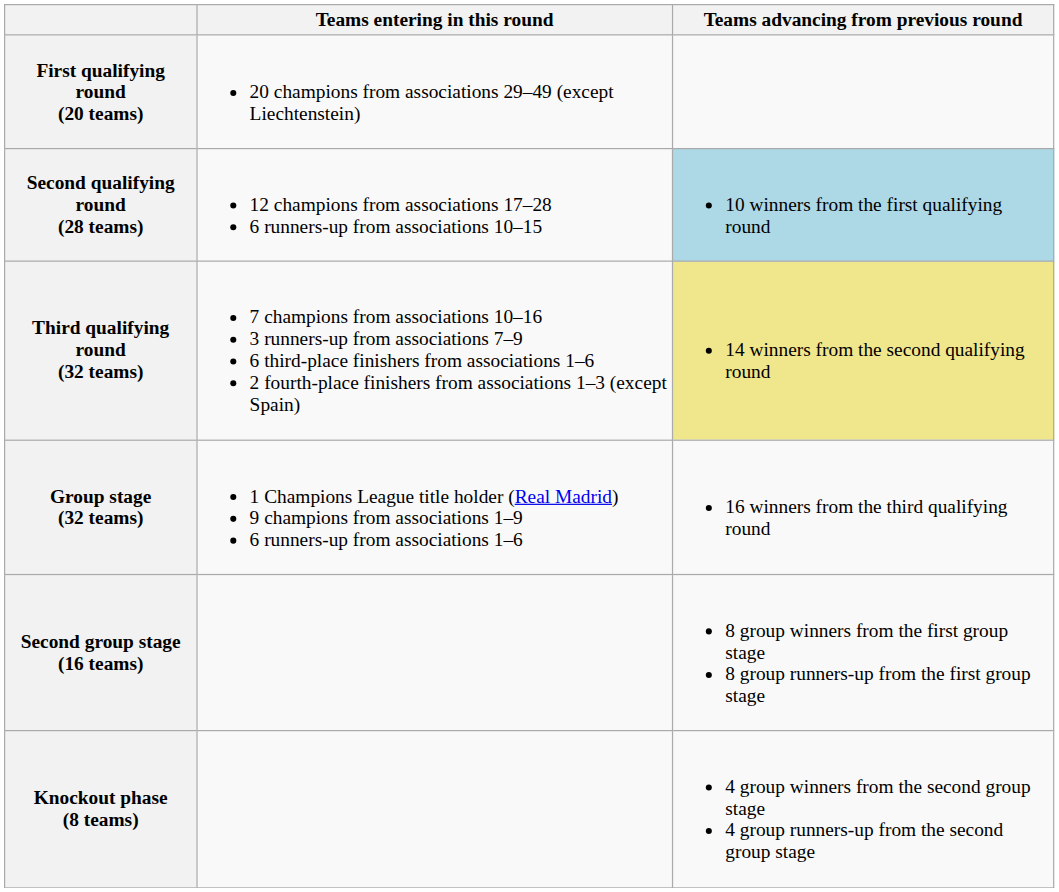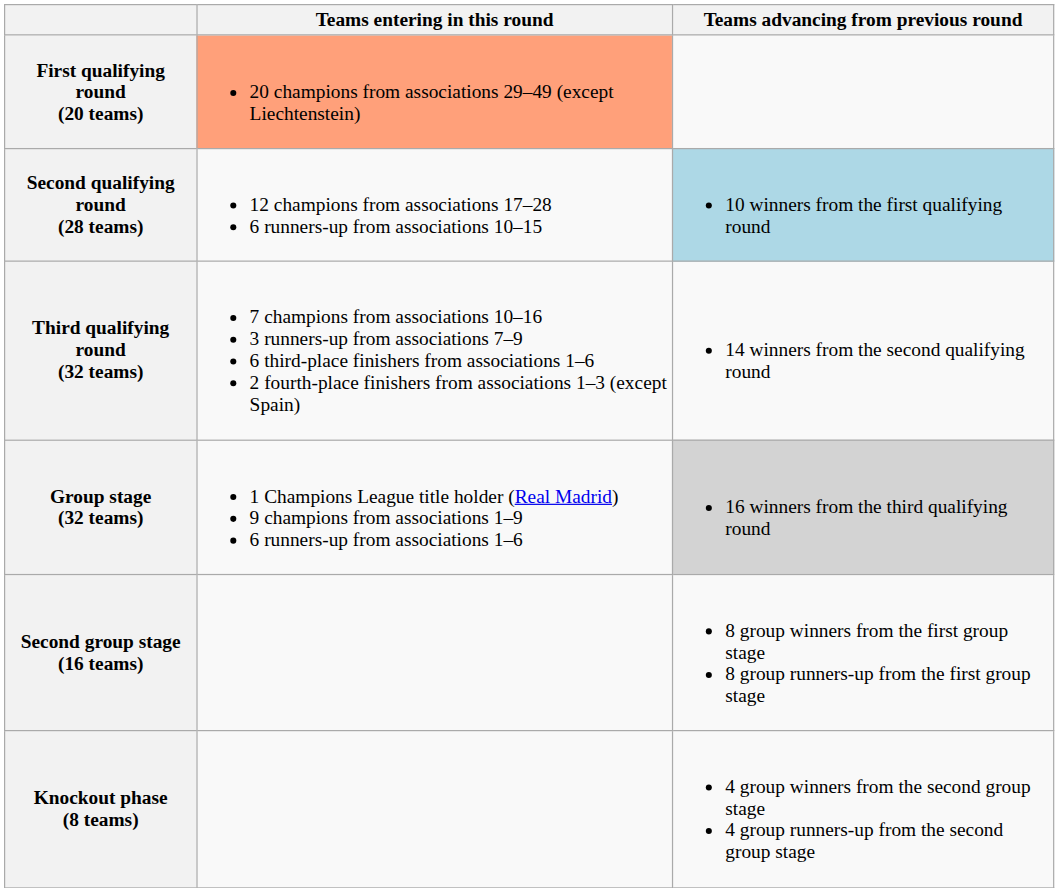 <table class="wikitable">
 <tr>
 <th colspan=2></th>
 <th>Teams entering in this round</th>
 <th>Teams advancing from previous round</th>
 </tr>
 <tr>
 <th colspan=2>First qualifying round<br>(20 teams)</th>
-<td><br><ul><li>20 champions from associations 29–49 (except Liechtenstein)</li></ul></td>
+<td style="background: lightsalmon;"><br><ul><li>20 champions from associations 29–49 (except Liechtenstein)</li></ul></td>
 <td></td>
 </tr>
 <tr>
 <th colspan=2>Second qualifying round<br>(28 teams)</th>
 <td><br><ul><li>12 champions from associations 17–28</li><li>6 runners-up from associations 10–15</li></ul></td>
 <td style="background: lightblue;"><br><ul><li>10 winners from the first qualifying round</li></ul></td>
 </tr>
 <tr>
 <th colspan=2>Third qualifying round<br>(32 teams)</th>
 <td><br><ul><li>7 champions from associations 10–16</li><li>3 runners-up from associations 7–9</li><li>6 third-place finishers from associations 1–6</li><li>2 fourth-place finishers from associations 1–3 (except Spain)</li></ul></td>
-<td style="background: khaki;"><br><ul><li>14 winners from the second qualifying round</li></ul></td>
+<td><br><ul><li>14 winners from the second qualifying round</li></ul></td>
 </tr>
 <tr>
 <th colspan=2>Group stage<br>(32 teams)</th>
 <td><br><ul><li>1 Champions League title holder (<a href='#'>Real Madrid</a>)</li><li>9 champions from associations 1–9</li><li>6 runners-up from associations 1–6</li></ul></td>
-<td><br><ul><li>16 winners from the third qualifying round</li></ul></td>
+<td style="background: lightgrey;"><br><ul><li>16 winners from the third qualifying round</li></ul></td>
 </tr>
 <tr>
 <th colspan=2>Second group stage<br>(16 teams)</th>
 <td></td>
 <td><br><ul><li>8 group winners from the first group stage</li><li>8 group runners-up from the first group stage</li></ul></td>
 </tr>
 <tr>
 <th colspan=2>Knockout phase<br>(8 teams)</th>
 <td></td>
 <td><br><ul><li>4 group winners from the second group stage</li><li>4 group runners-up from the second group stage</li></ul></td>
 </tr>
 </table>
